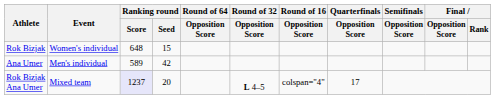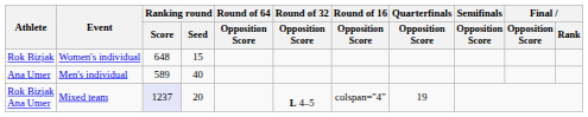 <table class="wikitable" style="text-align:center; font-size:90%">
 <tr>
 <th rowspan="2">Athlete</th>
 <th rowspan="2">Event</th>
 <th colspan="2">Ranking round</th>
 <th>Round of 64</th>
 <th>Round of 32</th>
 <th>Round of 16</th>
 <th>Quarterfinals</th>
 <th>Semifinals</th>
 <th colspan="2">Final / </th>
 </tr>
 <tr style="font-size:95%">
 <th>Score</th>
 <th>Seed</th>
 <th>Opposition<br>Score</th>
 <th>Opposition<br>Score</th>
 <th>Opposition<br>Score</th>
 <th>Opposition<br>Score</th>
 <th>Opposition<br>Score</th>
 <th>Opposition<br>Score</th>
 <th>Rank</th>
 </tr>
 <tr>
 <td align="left"><a href='#'>Rok Bizjak</a></td>
 <td align="left"><a href='#'>Women's individual</a></td>
 <td>648</td>
 <td>15</td>
 <td><br></td>
 <td></td>
 <td></td>
 <td></td>
 <td></td>
 <td></td>
 <td></td>
 </tr>
 <tr>
 <td align="left"><a href='#'>Ana Umer</a></td>
 <td align="left"><a href='#'>Men's individual</a></td>
 <td>589</td>
-<td>42</td>
+<td>40</td>
 <td><br></td>
 <td></td>
 <td></td>
 <td></td>
 <td></td>
 <td></td>
 <td></td>
 </tr>
 <tr>
 <td align="left"><a href='#'>Rok Bizjak</a><br><a href='#'>Ana Umer</a></td>
 <td align="left"><a href='#'>Mixed team</a></td>
 <td style="background: lavender;">1237</td>
 <td>20</td>
 <td></td>
 <td><br><strong>L</strong> 4–5</td>
 <td>colspan="4" </td>
-<td>17</td>
+<td>19</td>
 </tr>
 </table>
